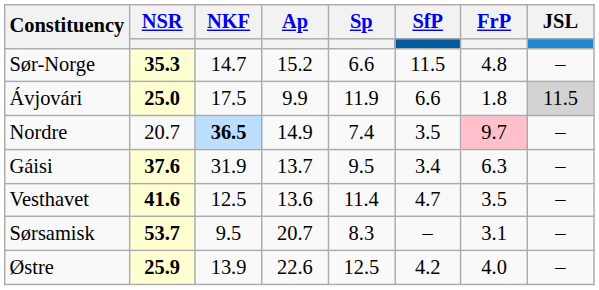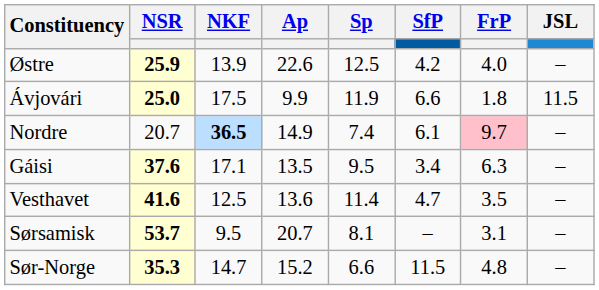 <table class="wikitable sortable" style="font-size:90%; text-align:center;">
 <tr>
 <th rowspan=2>Constituency</th>
 <th style="width:40px;"><a href='#'>NSR</a></th>
 <th style="width:40px;"><a href='#'>NKF</a></th>
 <th style="width:40px;"><a href='#'>Ap</a></th>
 <th style="width:40px;"><a href='#'>Sp</a></th>
 <th style="width:40px;"><a href='#'>SfP</a></th>
 <th style="width:40px;"><a href='#'>FrP</a></th>
 <th style="width:40px;">JSL</th>
 </tr>
 <tr>
 <th style="background:"></th>
 <th style="background:"></th>
 <th style="background:"></th>
 <th style="background:"></th>
 <th style="background:#025aa0;"></th>
 <th style="background:"></th>
 <th style="background:#1e88d2;"></th>
 </tr>
 <tr>
-<td align=left>Sør-Norge</td>
-<th style="background:#FFFFD1;">35.3</th>
-<td>14.7</td>
-<td>15.2</td>
-<td>6.6</td>
-<td>11.5</td>
-<td>4.8</td>
+<td align=left>Østre</td>
+<th style="background:#FFFFD1;">25.9</th>
+<td>13.9</td>
+<td>22.6</td>
+<td>12.5</td>
+<td>4.2</td>
+<td>4.0</td>
 <td>–</td>
 </tr>
 <tr>
 <td align=left>Ávjovári</td>
 <th style="background:#FFFFD1;">25.0</th>
 <td>17.5</td>
 <td>9.9</td>
 <td>11.9</td>
 <td>6.6</td>
 <td>1.8</td>
-<td style="background: lightgrey;">11.5</td>
+<td>11.5</td>
 </tr>
 <tr>
 <td align=left>Nordre</td>
 <td>20.7</td>
 <th style="background:#BCDEFF;">36.5</th>
 <td>14.9</td>
 <td>7.4</td>
-<td>3.5</td>
+<td>6.1</td>
 <td style="background: pink;">9.7</td>
 <td>–</td>
 </tr>
 <tr>
 <td align=left>Gáisi</td>
 <th style="background:#FFFFD1;">37.6</th>
-<td>31.9</td>
-<td>13.7</td>
+<td>17.1</td>
+<td>13.5</td>
 <td>9.5</td>
 <td>3.4</td>
 <td>6.3</td>
 <td>–</td>
 </tr>
 <tr>
 <td align=left>Vesthavet</td>
 <th style="background:#FFFFD1;">41.6</th>
 <td>12.5</td>
 <td>13.6</td>
 <td>11.4</td>
 <td>4.7</td>
 <td>3.5</td>
 <td>–</td>
 </tr>
 <tr>
 <td align=left>Sørsamisk</td>
 <th style="background:#FFFFD1;">53.7</th>
 <td>9.5</td>
 <td>20.7</td>
-<td>8.3</td>
+<td>8.1</td>
 <td>–</td>
 <td>3.1</td>
 <td>–</td>
 </tr>
 <tr>
-<td align=left>Østre</td>
-<th style="background:#FFFFD1;">25.9</th>
-<td>13.9</td>
-<td>22.6</td>
-<td>12.5</td>
-<td>4.2</td>
-<td>4.0</td>
+<td align=left>Sør-Norge</td>
+<th style="background:#FFFFD1;">35.3</th>
+<td>14.7</td>
+<td>15.2</td>
+<td>6.6</td>
+<td>11.5</td>
+<td>4.8</td>
 <td>–</td>
 </tr>
 </table>
